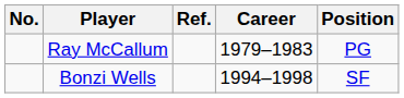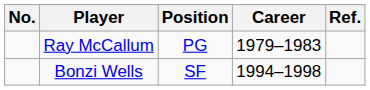 <table class="wikitable" style="text-align:center">
 <tr>
 <th>No.</th>
 <th>Player</th>
+<th>Position</th>
+<th>Career</th>
 <th>Ref.</th>
-<th>Career</th>
-<th>Position</th>
 </tr>
 <tr>
 <td></td>
 <td><a href='#'>Ray McCallum</a></td>
+<td><a href='#'>PG</a></td>
+<td>1979–1983</td>
 <td></td>
-<td>1979–1983</td>
-<td><a href='#'>PG</a></td>
 </tr>
 <tr>
 <td></td>
 <td><a href='#'>Bonzi Wells</a></td>
+<td><a href='#'>SF</a></td>
+<td>1994–1998</td>
 <td></td>
-<td>1994–1998</td>
-<td><a href='#'>SF</a></td>
 </tr>
 </table>
